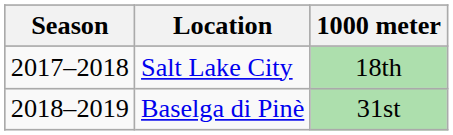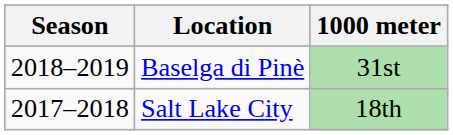 <table class="wikitable" style="display: inline-table;">
 <tr>
 <th>Season</th>
 <th>Location</th>
 <th colspan="1">1000 meter</th>
 </tr>
 <tr style="text-align:center">
+<td>2018–2019</td>
+<td align=left> <a href='#'>Baselga di Pinè</a></td>
+<td style="background:#addfad;">31st</td>
+</tr>
+<tr style="text-align:center">
 <td>2017–2018</td>
 <td align=left> <a href='#'>Salt Lake City</a></td>
 <td style="background:#addfad;">18th</td>
 </tr>
-<tr style="text-align:center">
-<td>2018–2019</td>
-<td align=left> <a href='#'>Baselga di Pinè</a></td>
-<td style="background:#addfad;">31st</td>
-</tr>
 </table>
